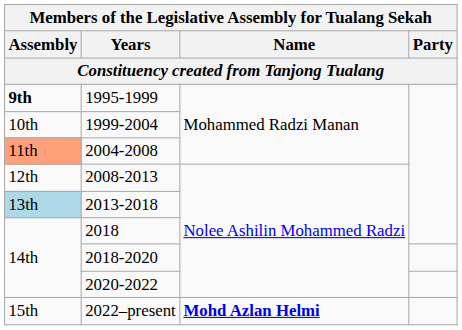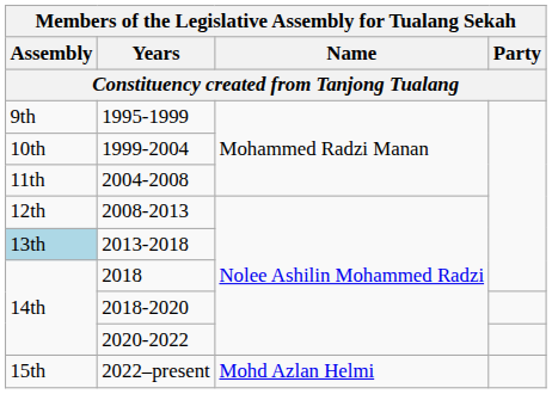 <table class="wikitable">
 <tr>
 <th colspan="4">Members of the Legislative Assembly for Tualang Sekah</th>
 </tr>
 <tr>
 <th>Assembly</th>
 <th>Years</th>
 <th>Name</th>
 <th>Party</th>
 </tr>
 <tr>
 <th colspan="4"><em>Constituency created from Tanjong Tualang</em></th>
 </tr>
 <tr>
-<td><strong>9th</strong></td>
+<td>9th</td>
 <td>1995-1999</td>
 <td rowspan="3">Mohammed Radzi Manan</td>
 <td rowspan="6"></td>
 </tr>
 <tr>
 <td>10th</td>
 <td>1999-2004</td>
 </tr>
 <tr>
-<td style="background: lightsalmon;">11th</td>
+<td>11th</td>
 <td>2004-2008</td>
 </tr>
 <tr>
 <td>12th</td>
 <td>2008-2013</td>
 <td rowspan="5"><a href='#'>Nolee Ashilin Mohammed Radzi</a></td>
 </tr>
 <tr>
 <td style="background: lightblue;">13th</td>
 <td>2013-2018</td>
 </tr>
 <tr>
 <td rowspan="3">14th</td>
 <td>2018</td>
 </tr>
 <tr>
 <td>2018-2020</td>
 <td></td>
 </tr>
 <tr>
 <td>2020-2022</td>
 <td></td>
 </tr>
 <tr>
 <td>15th</td>
 <td>2022–present</td>
-<td><strong><a href='#'>Mohd Azlan Helmi</a></strong></td>
+<td><a href='#'>Mohd Azlan Helmi</a></td>
 <td></td>
 </tr>
 </table>
